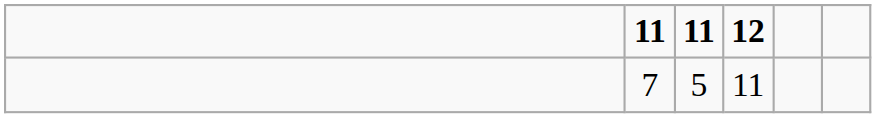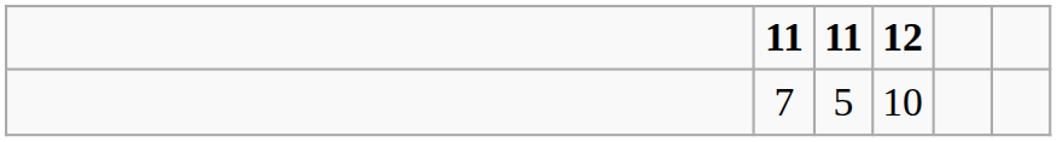 <table class="wikitable">
 <tr>
 <td style="width:18em"></td>
 <td align=center style="width:1em"><strong>11</strong></td>
 <td align=center style="width:1em"><strong>11</strong></td>
 <td align=center style="width:1em"><strong>12</strong></td>
 <td align=center style="width:1em"></td>
 <td align=center style="width:1em"></td>
 </tr>
 <tr>
 <td style="width:18em"></td>
 <td align=center style="width:1em">7</td>
 <td align=center style="width:1em">5</td>
-<td align=center style="width:1em">11</td>
+<td align=center style="width:1em">10</td>
 <td align=center style="width:1em"></td>
 <td align=center style="width:1em"></td>
 </tr>
 </table>
